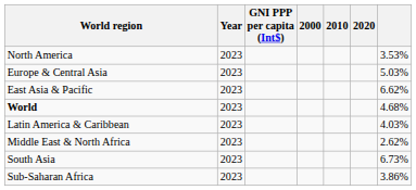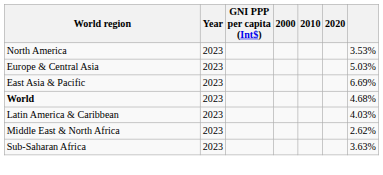 <table class="wikitable sortable sticky-header sort-under col1left ">
 <tr>
 <th style=width:19em>World region</th>
 <th>Year</th>
 <th>GNI PPP<br>per capita<br>(<a href='#'>Int$</a>)</th>
 <th>2000</th>
 <th>2010</th>
 <th>2020</th>
 <th></th>
 </tr>
 <tr>
 <td>North America</td>
 <td>2023</td>
 <td></td>
 <td></td>
 <td></td>
 <td></td>
 <td>3.53%</td>
 </tr>
 <tr>
 <td>Europe & Central Asia</td>
 <td>2023</td>
 <td></td>
 <td></td>
 <td></td>
 <td></td>
 <td>5.03%</td>
 </tr>
 <tr>
 <td>East Asia & Pacific</td>
 <td>2023</td>
 <td></td>
 <td></td>
 <td></td>
 <td></td>
-<td>6.62%</td>
+<td>6.69%</td>
 </tr>
 <tr>
 <td><strong>World</strong></td>
 <td>2023</td>
 <td></td>
 <td></td>
 <td></td>
 <td></td>
 <td>4.68%</td>
 </tr>
 <tr>
 <td>Latin America & Caribbean</td>
 <td>2023</td>
 <td></td>
 <td></td>
 <td></td>
 <td></td>
 <td>4.03%</td>
 </tr>
 <tr>
 <td>Middle East & North Africa</td>
 <td>2023</td>
 <td></td>
 <td></td>
 <td></td>
 <td></td>
 <td>2.62%</td>
 </tr>
 <tr>
-<td>South Asia</td>
-<td>2023</td>
-<td></td>
-<td></td>
-<td></td>
-<td></td>
-<td>6.73%</td>
-</tr>
-<tr>
 <td>Sub-Saharan Africa</td>
 <td>2023</td>
 <td></td>
 <td></td>
 <td></td>
 <td></td>
-<td>3.86%</td>
+<td>3.63%</td>
 </tr>
 </table>
